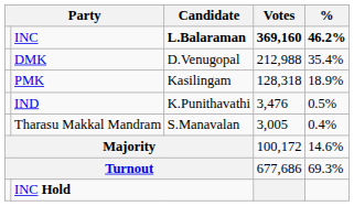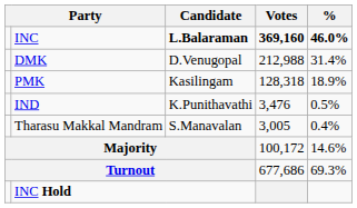 <table class="wikitable sortable">
 <tr>
 <th colspan="2">Party</th>
 <th>Candidate</th>
 <th>Votes</th>
 <th>%</th>
 </tr>
 <tr>
 <td></td>
 <td><a href='#'>INC</a></td>
 <td><strong>L.Balaraman</strong></td>
 <td><strong>369,160</strong></td>
-<td><strong>46.2%</strong></td>
+<td><strong>46.0%</strong></td>
 </tr>
 <tr>
 <td></td>
 <td><a href='#'>DMK</a></td>
 <td>D.Venugopal</td>
 <td>212,988</td>
-<td>35.4%</td>
+<td>31.4%</td>
 </tr>
 <tr>
 <td></td>
 <td><a href='#'>PMK</a></td>
 <td>Kasilingam</td>
 <td>128,318</td>
 <td>18.9%</td>
 </tr>
 <tr>
 <td></td>
 <td><a href='#'>IND</a></td>
 <td>K.Punithavathi</td>
 <td>3,476</td>
 <td>0.5%</td>
 </tr>
 <tr>
 <td></td>
 <td>Tharasu Makkal Mandram</td>
 <td>S.Manavalan</td>
 <td>3,005</td>
 <td>0.4%</td>
 </tr>
 <tr>
 <th colspan="3">Majority</th>
 <td>100,172</td>
 <td>14.6%</td>
 </tr>
 <tr>
 <th colspan="3"><a href='#'>Turnout</a></th>
 <td>677,686</td>
 <td>69.3%</td>
 </tr>
 <tr>
 <td></td>
 <td colspan="2"><a href='#'>INC</a> <strong>Hold</strong></td>
 <th></th>
 <td></td>
 </tr>
 </table>
